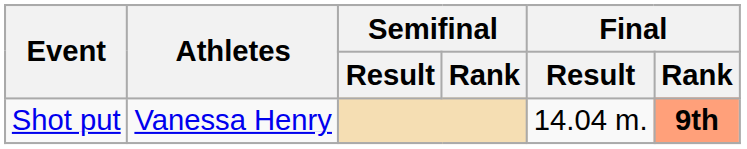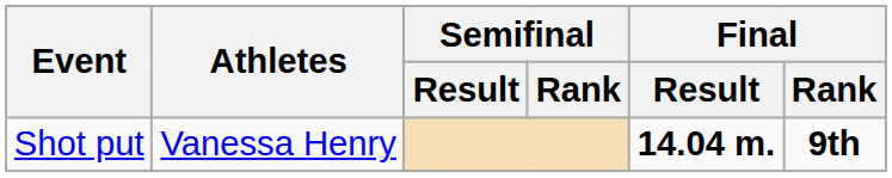 <table class="wikitable" border="1" style="font-size:90%">
 <tr>
 <th rowspan=2>Event</th>
 <th rowspan=2>Athletes</th>
 <th colspan=2>Semifinal</th>
 <th colspan=2>Final</th>
 </tr>
 <tr>
 <th>Result</th>
 <th>Rank</th>
 <th>Result</th>
 <th>Rank</th>
 </tr>
 <tr>
 <td><a href='#'>Shot put</a></td>
 <td><a href='#'>Vanessa Henry</a></td>
 <td align=center colspan=2 bgcolor=wheat></td>
-<td align=center>14.04 m.</td>
-<td align=center style="background: lightsalmon;"><strong>9th</strong></td>
+<td align=center><strong>14.04 m.</strong></td>
+<td align=center><strong>9th</strong></td>
 </tr>
 </table>
